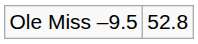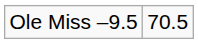 <table class="wikitable" style="margin-left: auto; margin-right: auto; border: none; display: inline-table;">
 <tr align="center">
 </tr>
 <tr align="center">
 <td>Ole Miss –9.5</td>
-<td>52.8</td>
+<td>70.5</td>
 </tr>
 </table>
